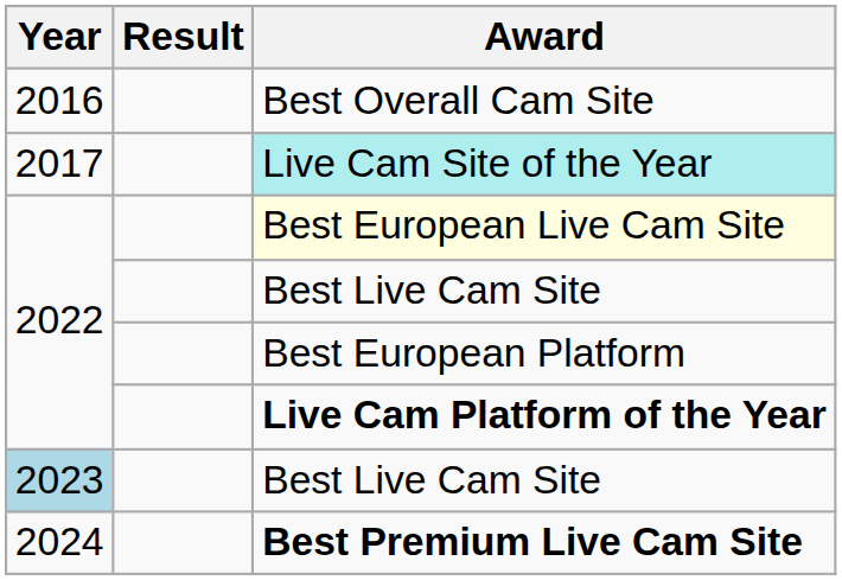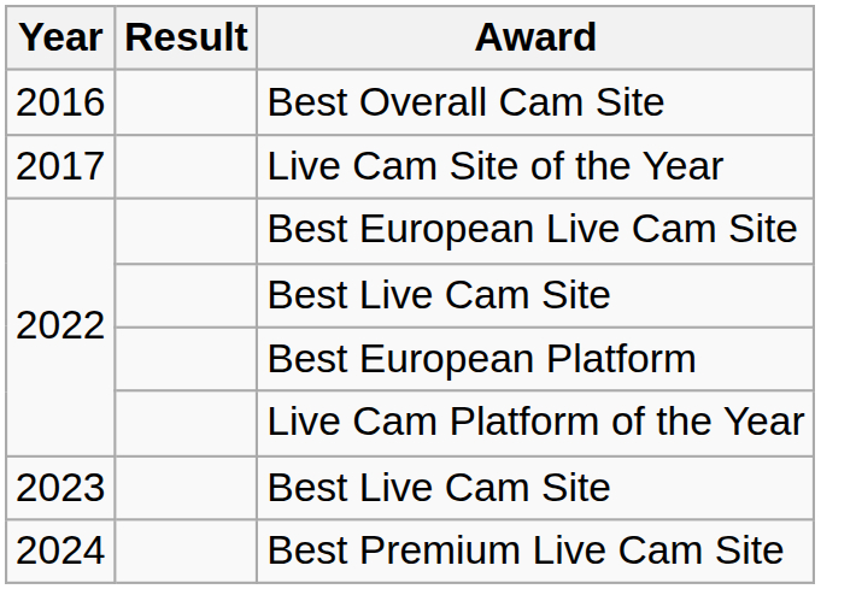 <table class="wikitable">
 <tr>
 <th>Year</th>
 <th>Result</th>
 <th>Award</th>
 </tr>
 <tr>
 <td>2016</td>
 <td></td>
 <td>Best Overall Cam Site</td>
 </tr>
 <tr>
 <td>2017</td>
 <td></td>
-<td style="background: paleturquoise;">Live Cam Site of the Year</td>
+<td>Live Cam Site of the Year</td>
 </tr>
 <tr>
 <td rowspan="4">2022</td>
 <td></td>
-<td style="background: lightyellow;">Best European Live Cam Site</td>
+<td>Best European Live Cam Site</td>
 </tr>
 <tr>
 <td></td>
 <td>Best Live Cam Site</td>
 </tr>
 <tr>
 <td></td>
 <td>Best European Platform</td>
 </tr>
 <tr>
 <td></td>
-<td><strong>Live Cam Platform of the Year</strong></td>
+<td>Live Cam Platform of the Year</td>
 </tr>
 <tr>
-<td style="background: lightblue;">2023</td>
+<td>2023</td>
 <td></td>
 <td>Best Live Cam Site</td>
 </tr>
 <tr>
 <td>2024</td>
 <td></td>
-<td><strong>Best Premium Live Cam Site</strong></td>
+<td>Best Premium Live Cam Site</td>
 </tr>
 </table>
